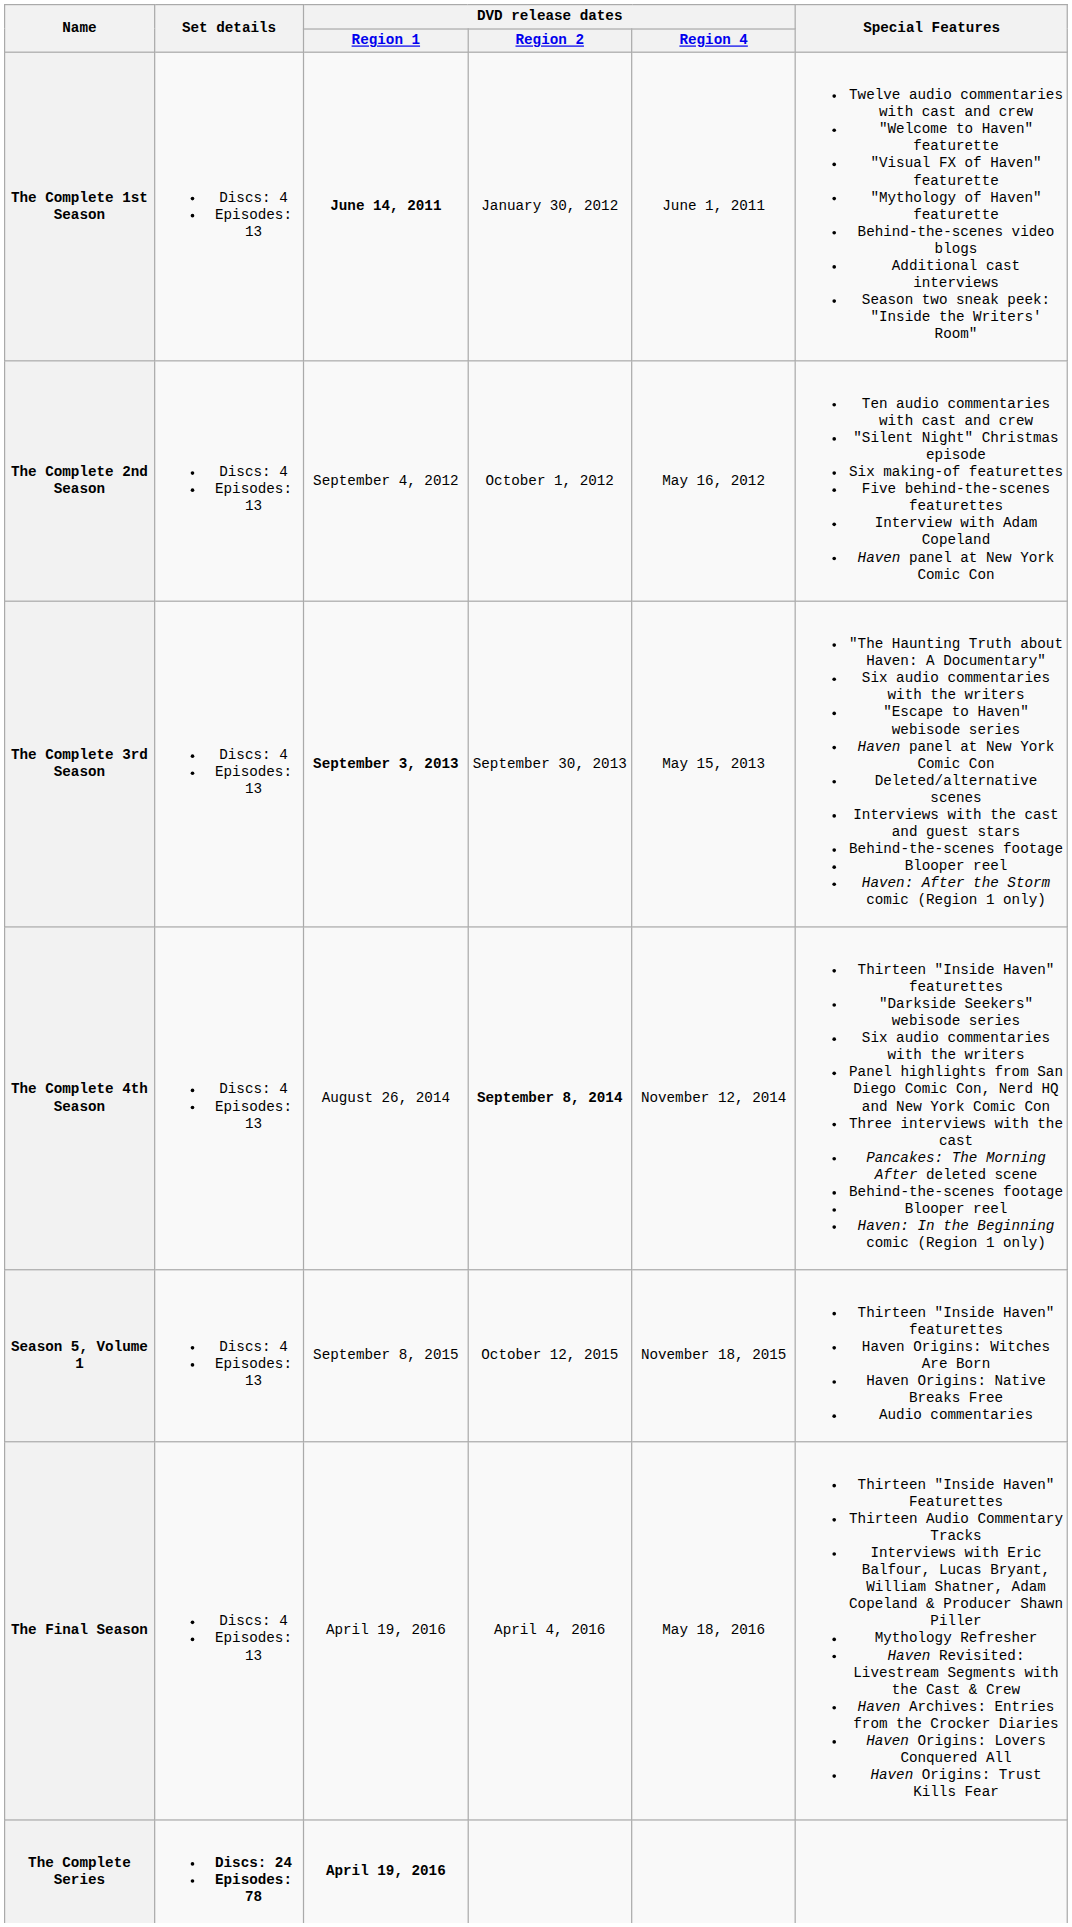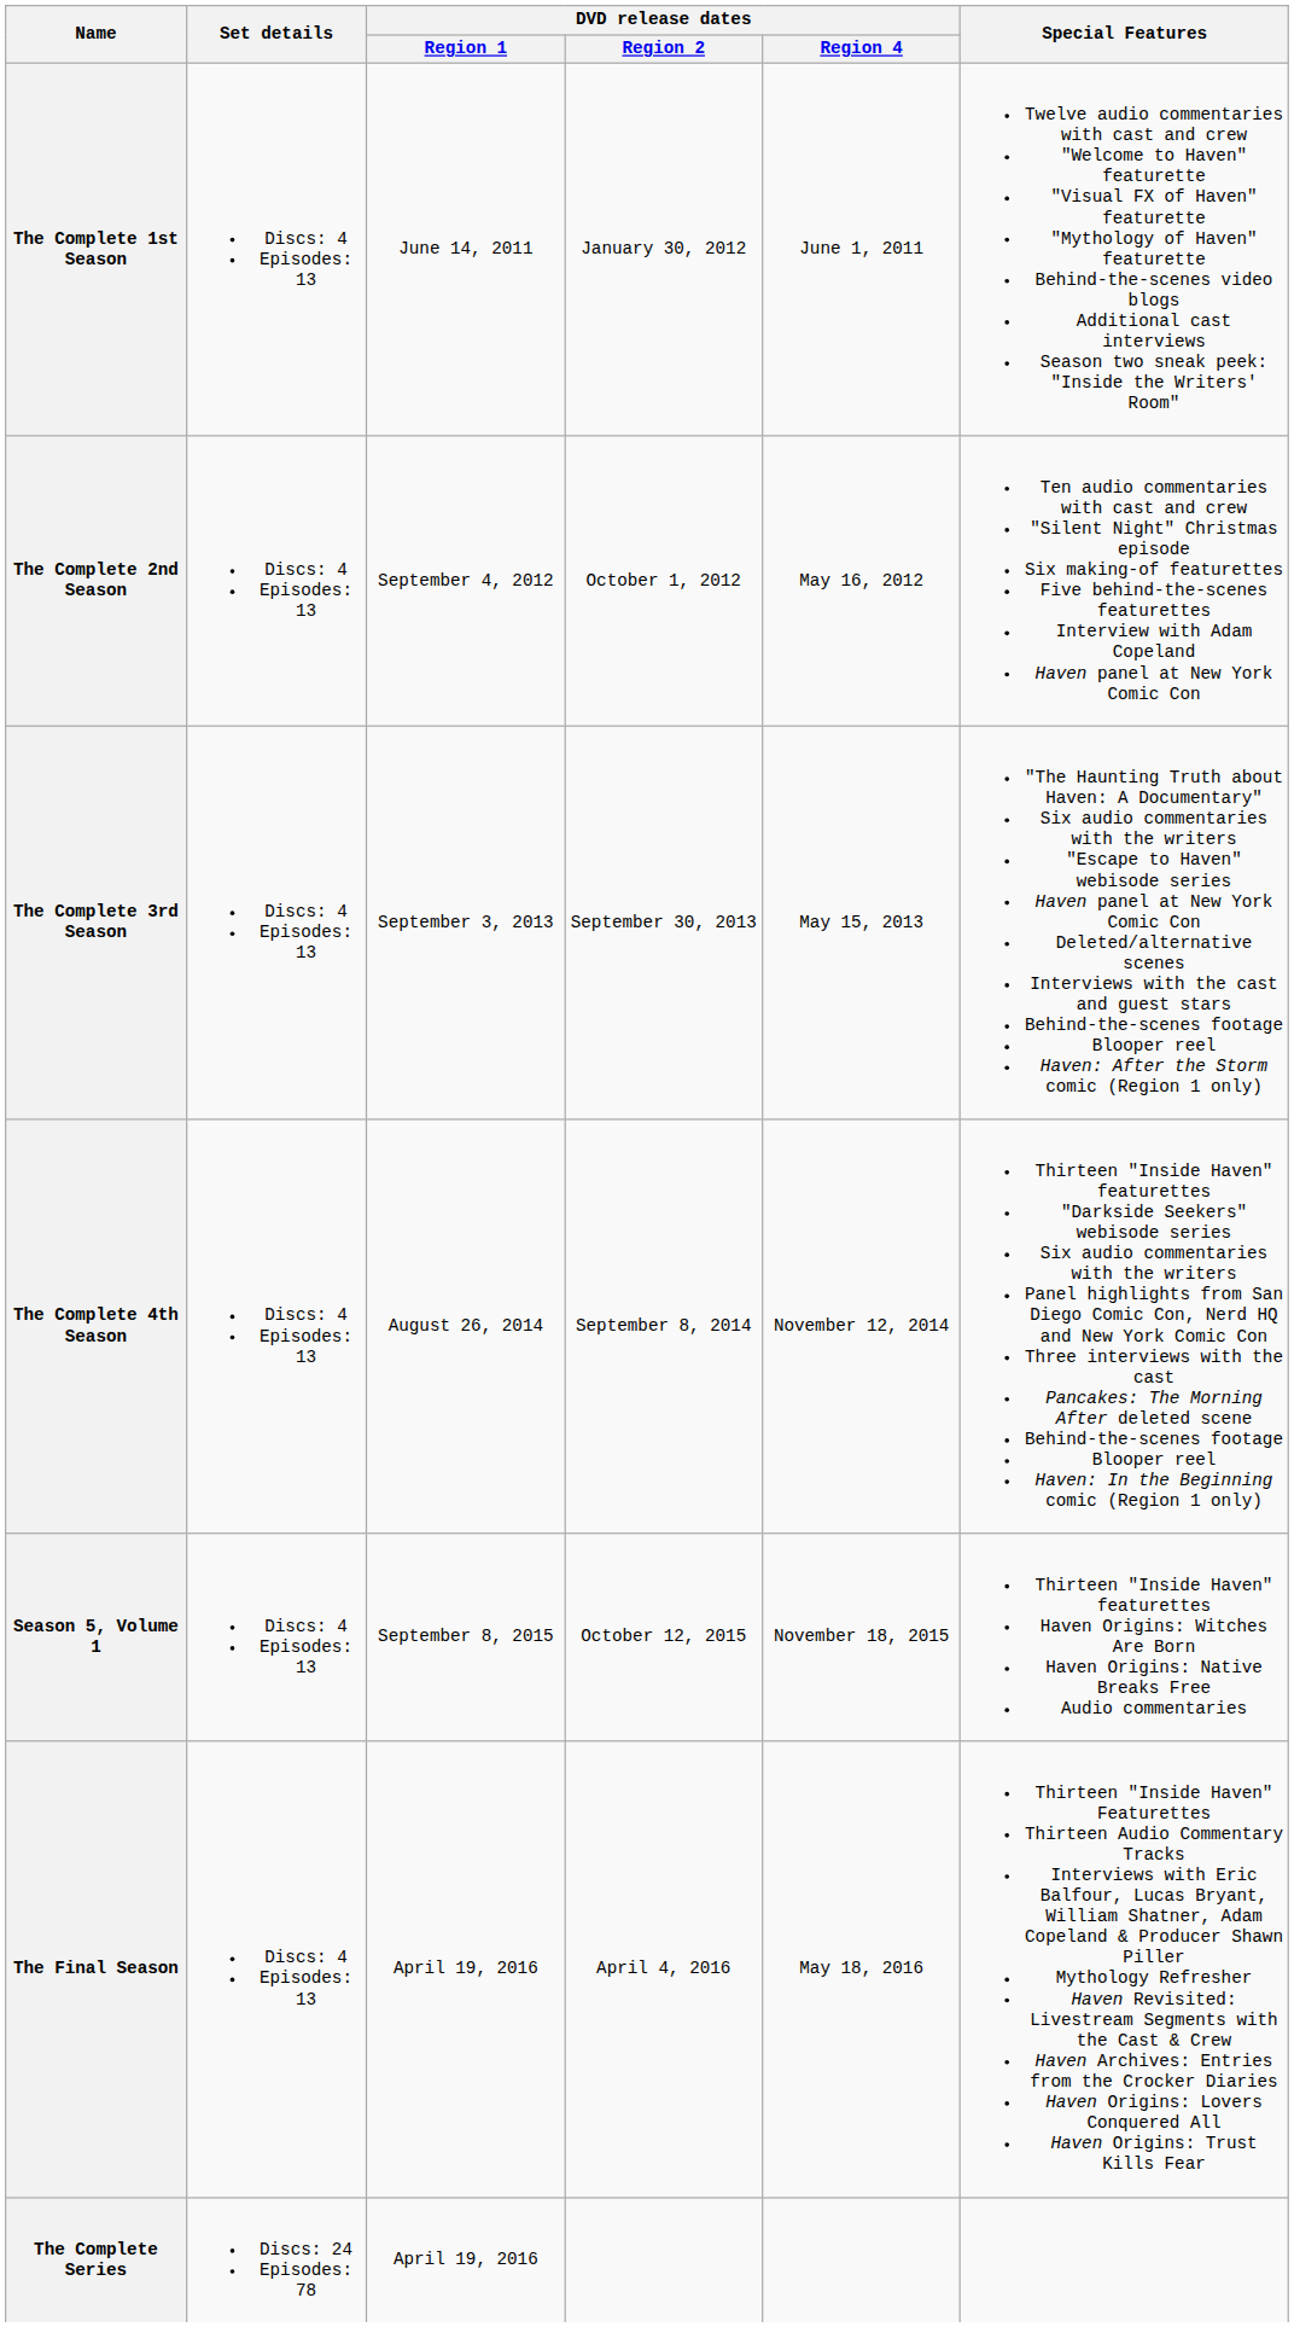 <table class="wikitable plainrowheaders" style="font-size:90%; text-align: center">
 <tr>
 <th scope="col" rowspan="2" style="width: 10em;">Name</th>
 <th scope="col" rowspan="2" style="width: 10em;">Set details</th>
 <th scope="col" colspan="3">DVD release dates</th>
 <th scope="col" rowspan="2">Special Features</th>
 </tr>
 <tr>
 <th scope="col" style="width: 11em; font-size: 100%;"><a href='#'>Region 1</a></th>
 <th scope="col" style="width: 11em; font-size: 100%;"><a href='#'>Region 2</a></th>
 <th scope="col" style="width: 11em; font-size: 100%;"><a href='#'>Region 4</a></th>
 </tr>
 <tr>
 <th scope="row" style="text-align:center;">The Complete 1st Season</th>
 <td><br><ul><li>Discs: 4</li><li>Episodes: 13</li></ul></td>
-<td><strong>June 14, 2011</strong></td>
+<td>June 14, 2011</td>
 <td>January 30, 2012</td>
 <td>June 1, 2011</td>
 <td><br><ul><li>Twelve audio commentaries with cast and crew</li><li>"Welcome to Haven" featurette</li><li>"Visual FX of Haven" featurette</li><li>"Mythology of Haven" featurette</li><li>Behind-the-scenes video blogs</li><li>Additional cast interviews</li><li>Season two sneak peek: "Inside the Writers' Room"</li></ul></td>
 </tr>
 <tr>
 <th scope="row" style="text-align:center;">The Complete 2nd Season</th>
 <td><br><ul><li>Discs: 4</li><li>Episodes: 13</li></ul></td>
 <td>September 4, 2012</td>
 <td>October 1, 2012<br></td>
 <td>May 16, 2012</td>
 <td><br><ul><li>Ten audio commentaries with cast and crew</li><li>"Silent Night" Christmas episode</li><li>Six making-of featurettes</li><li>Five behind-the-scenes featurettes</li><li>Interview with Adam Copeland</li><li><em>Haven</em> panel at New York Comic Con</li></ul></td>
 </tr>
 <tr>
 <th scope="row" style="text-align:center;">The Complete 3rd Season</th>
 <td><br><ul><li>Discs: 4</li><li>Episodes: 13</li></ul></td>
-<td><strong>September 3, 2013</strong></td>
+<td>September 3, 2013</td>
 <td>September 30, 2013</td>
 <td>May 15, 2013</td>
 <td><br><ul><li>"The Haunting Truth about Haven: A Documentary"</li><li>Six audio commentaries with the writers</li><li>"Escape to Haven" webisode series</li><li><em>Haven</em> panel at New York Comic Con</li><li>Deleted/alternative scenes</li><li>Interviews with the cast and guest stars</li><li>Behind-the-scenes footage</li><li>Blooper reel</li><li><em>Haven: After the Storm</em> comic (Region 1 only)</li></ul></td>
 </tr>
 <tr>
 <th scope="row" style="text-align:center;">The Complete 4th Season</th>
 <td><br><ul><li>Discs: 4</li><li>Episodes: 13</li></ul></td>
 <td>August 26, 2014</td>
-<td><strong>September 8, 2014</strong></td>
+<td>September 8, 2014</td>
 <td>November 12, 2014</td>
 <td><br><ul><li>Thirteen "Inside Haven" featurettes</li><li>"Darkside Seekers" webisode series</li><li>Six audio commentaries with the writers</li><li>Panel highlights from San Diego Comic Con, Nerd HQ and New York Comic Con</li><li>Three interviews with the cast</li><li><em>Pancakes: The Morning After</em> deleted scene</li><li>Behind-the-scenes footage</li><li>Blooper reel</li><li><em>Haven: In the Beginning</em> comic (Region 1 only)</li></ul></td>
 </tr>
 <tr>
 <th scope="row" style="text-align:center;">Season 5, Volume 1</th>
 <td><br><ul><li>Discs: 4</li><li>Episodes: 13</li></ul></td>
 <td>September 8, 2015</td>
 <td>October 12, 2015</td>
 <td>November 18, 2015</td>
 <td><br><ul><li>Thirteen "Inside Haven" featurettes</li><li>Haven Origins: Witches Are Born</li><li>Haven Origins: Native Breaks Free</li><li>Audio commentaries</li></ul></td>
 </tr>
 <tr>
 <th scope="row" style="text-align:center;">The Final Season</th>
 <td><br><ul><li>Discs: 4</li><li>Episodes: 13</li></ul></td>
 <td>April 19, 2016</td>
 <td>April 4, 2016</td>
 <td>May 18, 2016</td>
 <td><br><ul><li>Thirteen "Inside Haven" Featurettes</li><li>Thirteen Audio Commentary Tracks</li><li>Interviews with Eric Balfour, Lucas Bryant, William Shatner, Adam Copeland & Producer Shawn Piller</li><li>Mythology Refresher</li><li><em>Haven</em> Revisited: Livestream Segments with the Cast & Crew</li><li><em>Haven</em> Archives: Entries from the Crocker Diaries</li><li><em>Haven</em> Origins: Lovers Conquered All</li><li><em>Haven</em> Origins: Trust Kills Fear</li></ul></td>
 </tr>
 <tr>
 <th scope="row" style="text-align:center;">The Complete Series</th>
-<td><strong><br><ul><li>Discs: 24</li><li>Episodes: 78</li></ul></strong></td>
-<td><strong>April 19, 2016</strong></td>
+<td><br><ul><li>Discs: 24</li><li>Episodes: 78</li></ul></td>
+<td>April 19, 2016</td>
 <td></td>
 <td></td>
 <td></td>
 </tr>
 </table>
